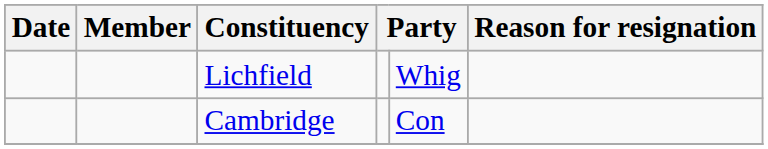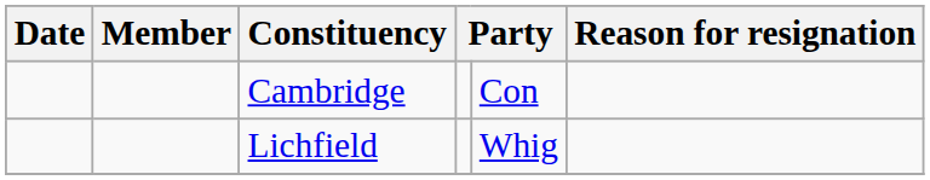 <table class="wikitable sortable">
 <tr>
 <th>Date</th>
 <th>Member</th>
 <th>Constituency</th>
 <th colspan=2>Party</th>
 <th class="unsortable">Reason for resignation</th>
 </tr>
 <tr>
 <td></td>
 <td></td>
+<td><a href='#'>Cambridge</a></td>
+<td style="background:"></td>
+<td><a href='#'>Con</a></td>
+<td></td>
+</tr>
+<tr>
+<td></td>
+<td></td>
 <td><a href='#'>Lichfield</a></td>
 <td style="background:"></td>
 <td><a href='#'>Whig</a></td>
 <td></td>
 </tr>
 <tr>
-<td></td>
-<td></td>
-<td><a href='#'>Cambridge</a></td>
-<td style="background:"></td>
-<td><a href='#'>Con</a></td>
-<td></td>
-</tr>
-<tr>
 </tr>
 </table>
